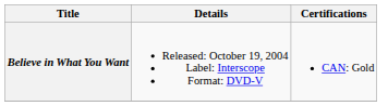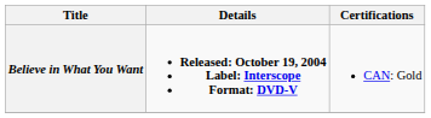 <table class="wikitable plainrowheaders" style="text-align:center;">
 <tr>
 <th scope="col">Title</th>
 <th scope="col">Details</th>
 <th scope="col">Certifications</th>
 </tr>
 <tr>
 <th scope="row"><em>Believe in What You Want</em></th>
-<td><br><ul><li>Released: October 19, 2004</li><li>Label: <a href='#'>Interscope</a></li><li>Format: <a href='#'>DVD-V</a></li></ul></td>
+<td><strong><br><ul><li>Released: October 19, 2004</li><li>Label: <a href='#'>Interscope</a></li><li>Format: <a href='#'>DVD-V</a></li></ul></strong></td>
 <td><br><ul><li><a href='#'>CAN</a>: Gold</li></ul></td>
 </tr>
 <tr>
 </tr>
 </table>
